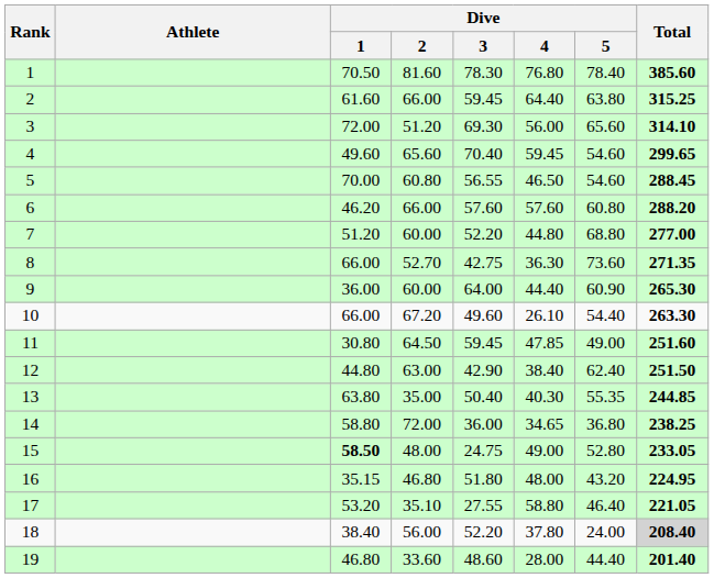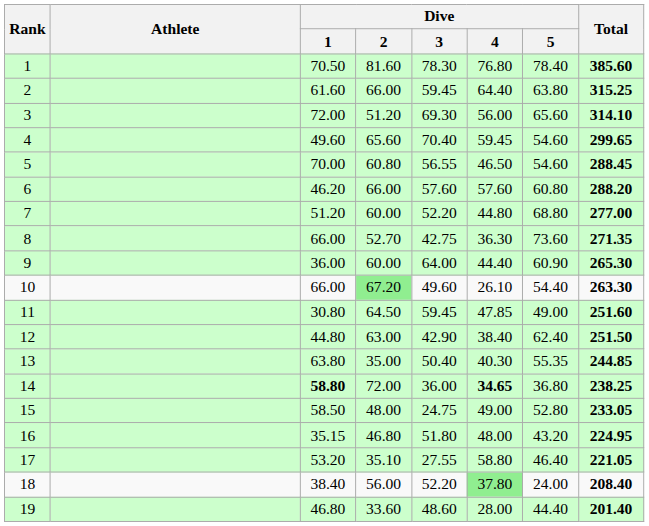 <table class="wikitable" style="text-align:center">
 <tr>
 <th rowspan="2" width="40">Rank</th>
 <th rowspan="2" width="250">Athlete</th>
 <th colspan="5">Dive</th>
 <th rowspan="2" width="60">Total</th>
 </tr>
 <tr>
 <th width="50">1</th>
 <th width="50">2</th>
 <th width="50">3</th>
 <th width="50">4</th>
 <th width="50">5</th>
 </tr>
 <tr bgcolor="ccffcc">
 <td>1</td>
 <td align="left"></td>
 <td>70.50</td>
 <td>81.60</td>
 <td>78.30</td>
 <td>76.80</td>
 <td>78.40</td>
 <td><strong>385.60</strong></td>
 </tr>
 <tr bgcolor="ccffcc">
 <td>2</td>
 <td align="left"></td>
 <td>61.60</td>
 <td>66.00</td>
 <td>59.45</td>
 <td>64.40</td>
 <td>63.80</td>
 <td><strong>315.25</strong></td>
 </tr>
 <tr bgcolor="ccffcc">
 <td>3</td>
 <td align="left"></td>
 <td>72.00</td>
 <td>51.20</td>
 <td>69.30</td>
 <td>56.00</td>
 <td>65.60</td>
 <td><strong>314.10</strong></td>
 </tr>
 <tr bgcolor="ccffcc">
 <td>4</td>
 <td align="left"></td>
 <td>49.60</td>
 <td>65.60</td>
 <td>70.40</td>
 <td>59.45</td>
 <td>54.60</td>
 <td><strong>299.65</strong></td>
 </tr>
 <tr bgcolor="ccffcc">
 <td>5</td>
 <td align="left"></td>
 <td>70.00</td>
 <td>60.80</td>
 <td>56.55</td>
 <td>46.50</td>
 <td>54.60</td>
 <td><strong>288.45</strong></td>
 </tr>
 <tr bgcolor="ccffcc">
 <td>6</td>
 <td align="left"></td>
 <td>46.20</td>
 <td>66.00</td>
 <td>57.60</td>
 <td>57.60</td>
 <td>60.80</td>
 <td><strong>288.20</strong></td>
 </tr>
 <tr bgcolor="ccffcc">
 <td>7</td>
 <td align="left"></td>
 <td>51.20</td>
 <td>60.00</td>
 <td>52.20</td>
 <td>44.80</td>
 <td>68.80</td>
 <td><strong>277.00</strong></td>
 </tr>
 <tr bgcolor="ccffcc">
 <td>8</td>
 <td align="left"></td>
 <td>66.00</td>
 <td>52.70</td>
 <td>42.75</td>
 <td>36.30</td>
 <td>73.60</td>
 <td><strong>271.35</strong></td>
 </tr>
 <tr bgcolor="ccffcc">
 <td>9</td>
 <td align="left"></td>
 <td>36.00</td>
 <td>60.00</td>
 <td>64.00</td>
 <td>44.40</td>
 <td>60.90</td>
 <td><strong>265.30</strong></td>
 </tr>
 <tr>
 <td>10</td>
 <td align="left"></td>
 <td>66.00</td>
-<td>67.20</td>
+<td style="background: lightgreen;">67.20</td>
 <td>49.60</td>
 <td>26.10</td>
 <td>54.40</td>
 <td><strong>263.30</strong></td>
 </tr>
 <tr bgcolor="ccffcc">
 <td>11</td>
 <td align="left"></td>
 <td>30.80</td>
 <td>64.50</td>
 <td>59.45</td>
 <td>47.85</td>
 <td>49.00</td>
 <td><strong>251.60</strong></td>
 </tr>
 <tr bgcolor="ccffcc">
 <td>12</td>
 <td align="left"></td>
 <td>44.80</td>
 <td>63.00</td>
 <td>42.90</td>
 <td>38.40</td>
 <td>62.40</td>
 <td><strong>251.50</strong></td>
 </tr>
 <tr bgcolor="ccffcc">
 <td>13</td>
 <td align="left"></td>
 <td>63.80</td>
 <td>35.00</td>
 <td>50.40</td>
 <td>40.30</td>
 <td>55.35</td>
 <td><strong>244.85</strong></td>
 </tr>
 <tr bgcolor="ccffcc">
 <td>14</td>
 <td align="left"></td>
-<td>58.80</td>
+<td><strong>58.80</strong></td>
 <td>72.00</td>
 <td>36.00</td>
-<td>34.65</td>
+<td><strong>34.65</strong></td>
 <td>36.80</td>
 <td><strong>238.25</strong></td>
 </tr>
 <tr bgcolor="ccffcc">
 <td>15</td>
 <td align="left"></td>
-<td><strong>58.50</strong></td>
+<td>58.50</td>
 <td>48.00</td>
 <td>24.75</td>
 <td>49.00</td>
 <td>52.80</td>
 <td><strong>233.05</strong></td>
 </tr>
 <tr bgcolor="ccffcc">
 <td>16</td>
 <td align="left"></td>
 <td>35.15</td>
 <td>46.80</td>
 <td>51.80</td>
 <td>48.00</td>
 <td>43.20</td>
 <td><strong>224.95</strong></td>
 </tr>
 <tr bgcolor="ccffcc">
 <td>17</td>
 <td align="left"></td>
 <td>53.20</td>
 <td>35.10</td>
 <td>27.55</td>
 <td>58.80</td>
 <td>46.40</td>
 <td><strong>221.05</strong></td>
 </tr>
 <tr>
 <td>18</td>
 <td align="left"></td>
 <td>38.40</td>
 <td>56.00</td>
 <td>52.20</td>
-<td>37.80</td>
+<td style="background: lightgreen;">37.80</td>
 <td>24.00</td>
-<td style="background: lightgrey;"><strong>208.40</strong></td>
+<td><strong>208.40</strong></td>
 </tr>
 <tr bgcolor="ccffcc">
 <td>19</td>
 <td align="left"></td>
 <td>46.80</td>
 <td>33.60</td>
 <td>48.60</td>
 <td>28.00</td>
 <td>44.40</td>
 <td><strong>201.40</strong></td>
 </tr>
 </table>
